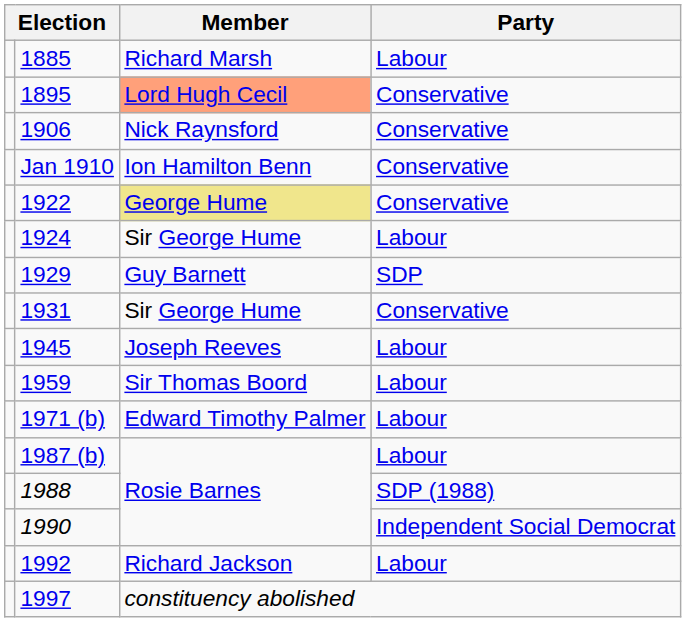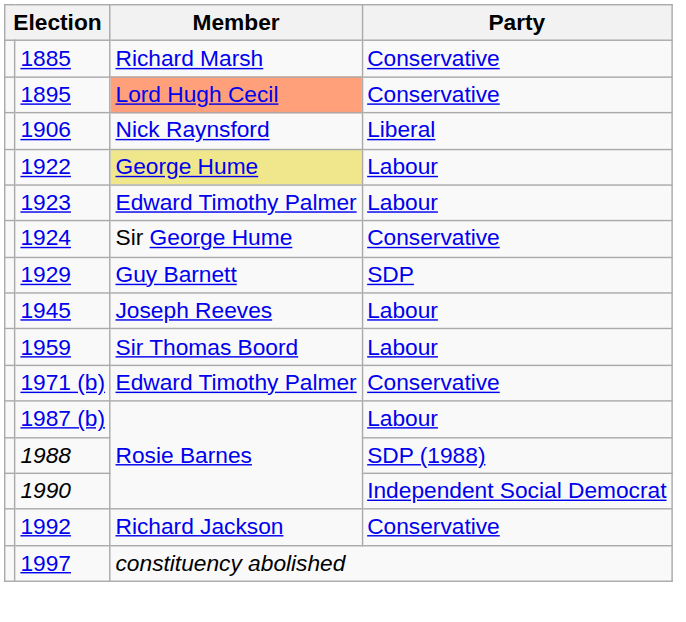 <table class="wikitable">
 <tr>
 <th colspan="2">Election</th>
 <th>Member</th>
 <th>Party</th>
 </tr>
 <tr>
 <td style="color:inherit;background-color: "></td>
 <td><a href='#'>1885</a></td>
 <td><a href='#'>Richard Marsh</a></td>
-<td><a href='#'>Labour</a></td>
+<td><a href='#'>Conservative</a></td>
 </tr>
 <tr>
 <td style="color:inherit;background-color: "></td>
 <td><a href='#'>1895</a></td>
 <td style="background: lightsalmon;"><a href='#'>Lord Hugh Cecil</a></td>
 <td><a href='#'>Conservative</a></td>
 </tr>
 <tr>
 <td style="color:inherit;background-color: "></td>
 <td><a href='#'>1906</a></td>
 <td><a href='#'>Nick Raynsford</a></td>
-<td><a href='#'>Conservative</a></td>
-</tr>
-<tr>
-<td style="color:inherit;background-color: "></td>
-<td><a href='#'>Jan 1910</a></td>
-<td><a href='#'>Ion Hamilton Benn</a></td>
-<td><a href='#'>Conservative</a></td>
+<td><a href='#'>Liberal</a></td>
 </tr>
 <tr>
 <td style="color:inherit;background-color: "></td>
 <td><a href='#'>1922</a></td>
 <td style="background: khaki;"><a href='#'>George Hume</a></td>
-<td><a href='#'>Conservative</a></td>
+<td><a href='#'>Labour</a></td>
+</tr>
+<tr>
+<td style="color:inherit;background-color: "></td>
+<td><a href='#'>1923</a></td>
+<td><a href='#'>Edward Timothy Palmer</a></td>
+<td><a href='#'>Labour</a></td>
 </tr>
 <tr>
 <td style="color:inherit;background-color: "></td>
 <td><a href='#'>1924</a></td>
 <td>Sir <a href='#'>George Hume</a></td>
-<td><a href='#'>Labour</a></td>
+<td><a href='#'>Conservative</a></td>
 </tr>
 <tr>
 <td style="color:inherit;background-color: "></td>
 <td><a href='#'>1929</a></td>
 <td><a href='#'>Guy Barnett</a></td>
 <td><a href='#'>SDP</a></td>
-</tr>
-<tr>
-<td style="color:inherit;background-color: "></td>
-<td><a href='#'>1931</a></td>
-<td>Sir <a href='#'>George Hume</a></td>
-<td><a href='#'>Conservative</a></td>
 </tr>
 <tr>
 <td style="color:inherit;background-color: "></td>
 <td><a href='#'>1945</a></td>
 <td><a href='#'>Joseph Reeves</a></td>
 <td><a href='#'>Labour</a></td>
 </tr>
 <tr>
 <td style="color:inherit;background-color: "></td>
 <td><a href='#'>1959</a></td>
 <td><a href='#'>Sir Thomas Boord</a></td>
 <td><a href='#'>Labour</a></td>
 </tr>
 <tr>
 <td style="color:inherit;background-color: "></td>
 <td><a href='#'>1971 (b)</a></td>
 <td><a href='#'>Edward Timothy Palmer</a></td>
-<td><a href='#'>Labour</a></td>
+<td><a href='#'>Conservative</a></td>
 </tr>
 <tr>
 <td style="color:inherit;background-color: "></td>
 <td><a href='#'>1987 (b)</a></td>
 <td rowspan="3"><a href='#'>Rosie Barnes</a></td>
 <td><a href='#'>Labour</a></td>
 </tr>
 <tr>
 <td style="color:inherit;background-color: "></td>
 <td><em>1988</em></td>
 <td><a href='#'>SDP (1988)</a></td>
 </tr>
 <tr>
 <td style="color:inherit;background-color: "></td>
 <td><em>1990</em></td>
 <td><a href='#'>Independent Social Democrat</a></td>
 </tr>
 <tr>
 <td style="color:inherit;background-color: "></td>
 <td><a href='#'>1992</a></td>
 <td><a href='#'>Richard Jackson</a></td>
-<td><a href='#'>Labour</a></td>
+<td><a href='#'>Conservative</a></td>
 </tr>
 <tr>
 <td></td>
 <td><a href='#'>1997</a></td>
 <td colspan="2"><em>constituency abolished</em></td>
 </tr>
 </table>
